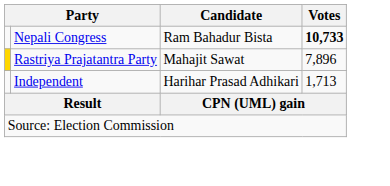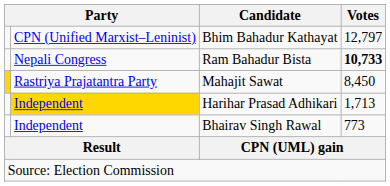 <table class="wikitable">
 <tr>
 <th colspan="2">Party</th>
 <th>Candidate</th>
 <th>Votes</th>
+</tr>
+<tr>
+<td style="background-color:"></td>
+<td><a href='#'>CPN (Unified Marxist–Leninist)</a></td>
+<td>Bhim Bahadur Kathayat</td>
+<td>12,797</td>
 </tr>
 <tr>
 <td style="background-color:"></td>
 <td><a href='#'>Nepali Congress</a></td>
 <td>Ram Bahadur Bista</td>
 <td><strong>10,733</strong></td>
 </tr>
 <tr>
 <td style="background-color:gold"></td>
 <td><a href='#'>Rastriya Prajatantra Party</a></td>
 <td>Mahajit Sawat</td>
-<td>7,896</td>
+<td>8,450</td>
+</tr>
+<tr>
+<td style="background-color:"></td>
+<td style="background: gold;"><a href='#'>Independent</a></td>
+<td>Harihar Prasad Adhikari</td>
+<td>1,713</td>
 </tr>
 <tr>
 <td style="background-color:"></td>
 <td><a href='#'>Independent</a></td>
-<td>Harihar Prasad Adhikari</td>
-<td>1,713</td>
+<td>Bhairav Singh Rawal</td>
+<td>773</td>
 </tr>
 <tr>
 <th colspan="2">Result</th>
 <th colspan="2">CPN (UML) gain</th>
 </tr>
 <tr>
 <td colspan="4">Source: Election Commission</td>
 </tr>
 </table>
